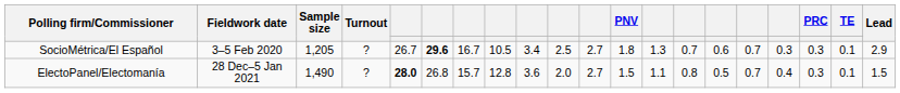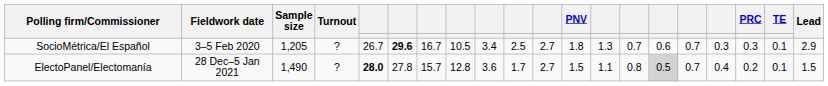 <table class="wikitable collapsible collapsed" style="text-align:center; font-size:95%; line-height:16px;">
 <tr style="height:42px;">
 <th style="width:250px;" rowspan="2">Polling firm/Commissioner</th>
 <th style="width:125px;" rowspan="2">Fieldwork date</th>
 <th style="width:50px;" rowspan="2">Sample size</th>
 <th style="width:45px;" rowspan="2">Turnout</th>
 <th style="width:35px;"></th>
 <th style="width:35px;"></th>
 <th style="width:35px;"></th>
 <th style="width:35px;"></th>
 <th style="width:35px;"></th>
 <th style="width:35px;"></th>
 <th style="width:35px;"></th>
 <th style="width:35px;"><a href='#'>PNV</a></th>
 <th style="width:35px;"></th>
 <th style="width:35px;"></th>
 <th style="width:35px;"></th>
 <th style="width:35px;"></th>
 <th style="width:35px;"></th>
 <th style="width:35px;"><a href='#'>PRC</a></th>
 <th style="width:35px;"><a href='#'>TE</a></th>
 <th style="width:30px;" rowspan="2">Lead</th>
 </tr>
 <tr>
 <th style="color:inherit;background:"></th>
 <th style="color:inherit;background:"></th>
 <th style="color:inherit;background:"></th>
 <th style="color:inherit;background:"></th>
 <th style="color:inherit;background:"></th>
 <th style="color:inherit;background:"></th>
 <th style="color:inherit;background:"></th>
 <th style="color:inherit;background:"></th>
 <th style="color:inherit;background:"></th>
 <th style="color:inherit;background:"></th>
 <th style="color:inherit;background:"></th>
 <th style="color:inherit;background:"></th>
 <th style="color:inherit;background:"></th>
 <th style="color:inherit;background:"></th>
 <th style="color:inherit;background:"></th>
 </tr>
 <tr>
 <td>SocioMétrica/El Español</td>
 <td>3–5 Feb 2020</td>
 <td>1,205</td>
 <td>?</td>
 <td>26.7<br></td>
 <td><strong>29.6</strong><br></td>
 <td>16.7<br></td>
 <td>10.5<br></td>
 <td>3.4<br></td>
 <td>2.5<br></td>
 <td>2.7<br></td>
 <td>1.8<br></td>
 <td>1.3<br></td>
 <td>0.7<br></td>
 <td>0.6<br></td>
 <td>0.7<br></td>
 <td>0.3<br></td>
 <td>0.3<br></td>
 <td>0.1<br></td>
 <td style="background:">2.9</td>
 </tr>
 <tr>
 <td>ElectoPanel/Electomanía</td>
 <td>28 Dec–5 Jan 2021</td>
 <td>1,490</td>
 <td>?</td>
 <td><strong>28.0</strong><br></td>
-<td>26.8<br></td>
+<td>27.8<br></td>
 <td>15.7<br></td>
 <td>12.8<br></td>
 <td>3.6<br></td>
-<td>2.0<br></td>
+<td>1.7<br></td>
 <td>2.7<br></td>
 <td>1.5<br></td>
 <td>1.1<br></td>
 <td>0.8<br></td>
-<td>0.5<br></td>
+<td style="background: lightgrey;">0.5<br></td>
 <td>0.7<br></td>
 <td>0.4<br></td>
-<td>0.3<br></td>
+<td>0.2<br></td>
 <td>0.1<br></td>
 <td style="background:">1.5</td>
 </tr>
 </table>
